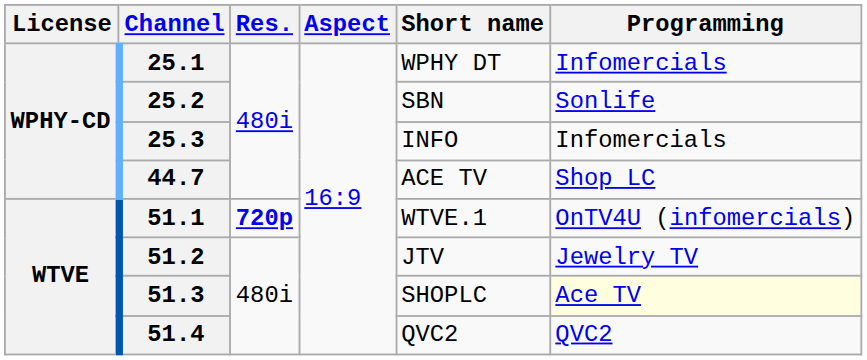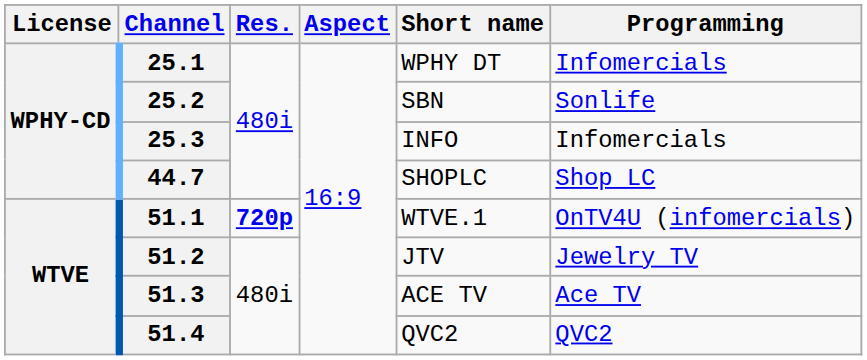 <table class="wikitable">
 <tr>
 <th scope = "col">License</th>
 <th scope = "col"><a href='#'>Channel</a></th>
 <th scope = "col"><a href='#'>Res.</a></th>
 <th scope = "col"><a href='#'>Aspect</a></th>
 <th scope = "col">Short name</th>
 <th scope = "col">Programming</th>
 </tr>
 <tr>
 <th rowspan = "4" scope = "row" style = "border-right: 4px solid #60B0FF;">WPHY-CD</th>
 <th scope = "row">25.1</th>
 <td rowspan = "4"><a href='#'>480i</a></td>
 <td rowspan = "8"><a href='#'>16:9</a></td>
 <td>WPHY DT</td>
 <td><a href='#'>Infomercials</a></td>
 </tr>
 <tr>
 <th scope = "row">25.2</th>
 <td>SBN</td>
 <td><a href='#'>Sonlife</a></td>
 </tr>
 <tr>
 <th scope = "row">25.3</th>
 <td>INFO</td>
 <td>Infomercials</td>
 </tr>
 <tr>
 <th scope = "row">44.7</th>
-<td>ACE TV</td>
+<td>SHOPLC</td>
 <td><a href='#'>Shop LC</a></td>
 </tr>
 <tr>
 <th rowspan = "4" scope = "row" style = "border-right: 4px solid #0057AF;">WTVE</th>
 <th scope = "row">51.1</th>
 <td><strong><a href='#'>720p</a></strong></td>
 <td>WTVE.1</td>
 <td><a href='#'>OnTV4U</a> (<a href='#'>infomercials</a>)</td>
 </tr>
 <tr>
 <th scope = "row">51.2</th>
 <td rowspan = "3">480i</td>
 <td>JTV</td>
 <td><a href='#'>Jewelry TV</a></td>
 </tr>
 <tr>
 <th scope = "row">51.3</th>
-<td>SHOPLC</td>
-<td style="background: lightyellow;"><a href='#'>Ace TV</a></td>
+<td>ACE TV</td>
+<td><a href='#'>Ace TV</a></td>
 </tr>
 <tr>
 <th scope = "row">51.4</th>
 <td>QVC2</td>
 <td><a href='#'>QVC2</a></td>
 </tr>
 </table>
